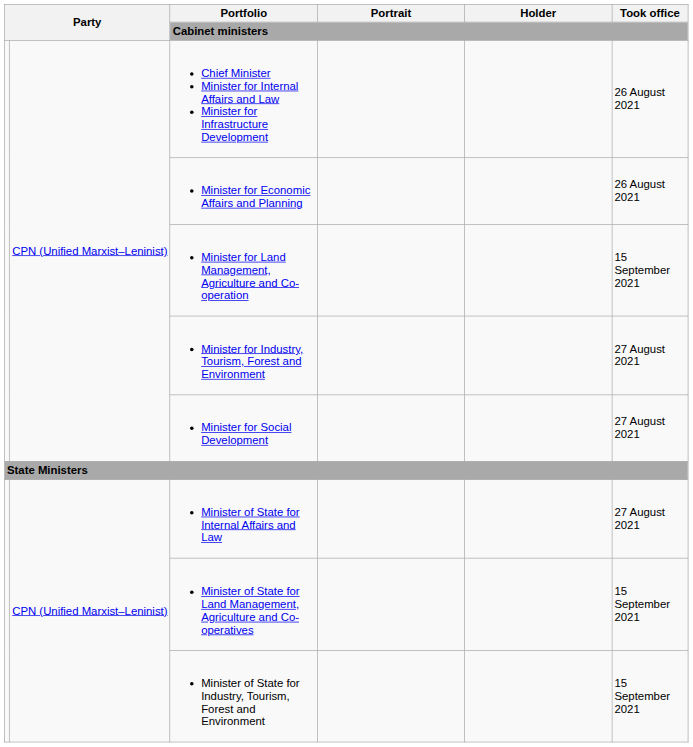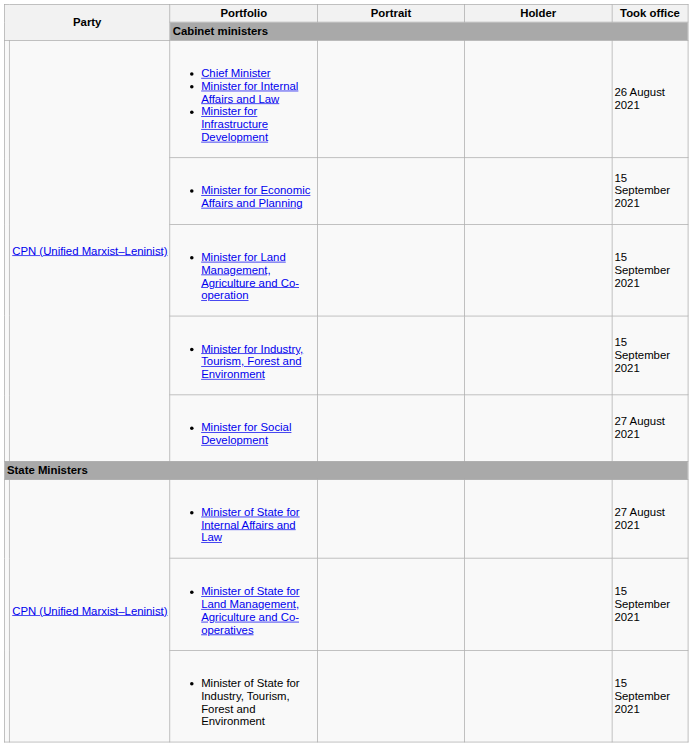 <table class="wikitable">
 <tr>
 <th width="200px"  rowspan="2" colspan="2">Party</th>
 <th width="200px">Portfolio</th>
 <th width="200px">Portrait</th>
 <th width="200px">Holder</th>
 <th width="100px">Took office</th>
 </tr>
 <tr>
 <td colspan="8" bgcolor="darkgrey"><strong>Cabinet ministers</strong></td>
 </tr>
 <tr>
 <td rowspan="5"></td>
 <td rowspan="5"><a href='#'>CPN (Unified Marxist–Leninist)</a></td>
 <td><br><ul><li><a href='#'>Chief Minister</a></li><li><a href='#'>Minister for Internal Affairs and Law</a></li><li><a href='#'>Minister for Infrastructure Development</a></li></ul></td>
 <td></td>
 <td></td>
 <td>26 August 2021</td>
 </tr>
 <tr>
 <td><br><ul><li><a href='#'>Minister for Economic Affairs and Planning</a></li></ul></td>
 <td></td>
 <td></td>
-<td>26 August 2021</td>
+<td>15 September 2021</td>
 </tr>
 <tr>
 <td><br><ul><li><a href='#'>Minister for Land Management, Agriculture and Co-operation</a></li></ul></td>
 <td></td>
 <td></td>
 <td>15 September 2021</td>
 </tr>
 <tr>
 <td><br><ul><li><a href='#'>Minister for Industry, Tourism, Forest and Environment</a></li></ul></td>
 <td></td>
 <td></td>
-<td>27 August 2021</td>
+<td>15 September 2021</td>
 </tr>
 <tr>
 <td><br><ul><li><a href='#'>Minister for Social Development</a></li></ul></td>
 <td></td>
 <td></td>
 <td>27 August 2021</td>
 </tr>
 <tr>
 <td colspan="8" bgcolor="darkgrey"><strong>State Ministers</strong></td>
 </tr>
 <tr>
 <td rowspan="3"></td>
 <td rowspan="3"><a href='#'>CPN (Unified Marxist–Leninist)</a></td>
 <td><br><ul><li><a href='#'>Minister of State for Internal Affairs and Law</a></li></ul></td>
 <td></td>
 <td></td>
 <td>27 August 2021</td>
 </tr>
 <tr>
 <td><br><ul><li><a href='#'>Minister of State for Land Management, Agriculture and Co-operatives</a></li></ul></td>
 <td></td>
 <td></td>
 <td>15 September 2021</td>
 </tr>
 <tr>
 <td><br><ul><li>Minister of State for Industry, Tourism, Forest and Environment</li></ul></td>
 <td></td>
 <td></td>
 <td>15 September 2021</td>
 </tr>
 </table>
